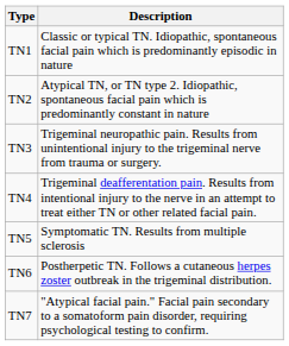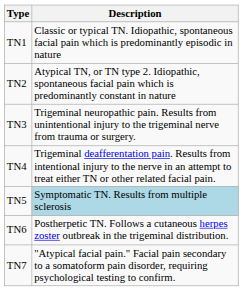 <table class="wikitable" align="right" style="width: 350px">
 <tr>
 <th>Type</th>
 <th>Description</th>
 </tr>
 <tr>
 <td>TN1</td>
 <td>Classic or typical TN. Idiopathic, spontaneous facial pain which is predominantly episodic in nature</td>
 </tr>
 <tr>
 <td>TN2</td>
 <td>Atypical TN, or TN type 2. Idiopathic, spontaneous facial pain which is predominantly constant in nature</td>
 </tr>
 <tr>
 <td>TN3</td>
 <td>Trigeminal neuropathic pain. Results from unintentional injury to the trigeminal nerve from trauma or surgery.</td>
 </tr>
 <tr>
 <td>TN4</td>
 <td>Trigeminal <a href='#'>deafferentation pain</a>. Results from intentional injury to the nerve in an attempt to treat either TN or other related facial pain.</td>
 </tr>
 <tr>
 <td>TN5</td>
-<td>Symptomatic TN. Results from multiple sclerosis</td>
+<td style="background: lightblue;">Symptomatic TN. Results from multiple sclerosis</td>
 </tr>
 <tr>
 <td>TN6</td>
 <td>Postherpetic TN. Follows a cutaneous <a href='#'>herpes zoster</a> outbreak in the trigeminal distribution.</td>
 </tr>
 <tr>
 <td>TN7</td>
 <td>"Atypical facial pain." Facial pain secondary to a somatoform pain disorder, requiring psychological testing to confirm.</td>
 </tr>
 </table>
